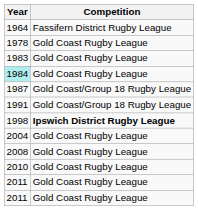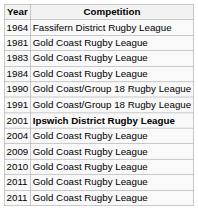 <table class="wikitable">
 <tr>
 <th>Year</th>
 <th>Competition</th>
 </tr>
 <tr>
 <td>1964</td>
 <td>Fassifern District Rugby League</td>
 </tr>
 <tr>
-<td>1978</td>
+<td>1981</td>
 <td>Gold Coast Rugby League</td>
 </tr>
 <tr>
 <td>1983</td>
 <td>Gold Coast Rugby League</td>
 </tr>
 <tr>
-<td style="background: paleturquoise;">1984</td>
+<td>1984</td>
 <td>Gold Coast Rugby League</td>
 </tr>
 <tr>
-<td>1987</td>
+<td>1990</td>
 <td>Gold Coast/Group 18 Rugby League</td>
 </tr>
 <tr>
 <td>1991</td>
 <td>Gold Coast/Group 18 Rugby League</td>
 </tr>
 <tr>
-<td>1998</td>
+<td>2001</td>
 <td><strong>Ipswich District Rugby League</strong></td>
 </tr>
 <tr>
 <td>2004</td>
 <td>Gold Coast Rugby League</td>
 </tr>
 <tr>
-<td>2008</td>
+<td>2009</td>
 <td>Gold Coast Rugby League</td>
 </tr>
 <tr>
 <td>2010</td>
 <td>Gold Coast Rugby League</td>
 </tr>
 <tr>
 <td>2011</td>
 <td>Gold Coast Rugby League</td>
 </tr>
 <tr>
 <td>2011</td>
 <td>Gold Coast Rugby League</td>
 </tr>
 </table>
